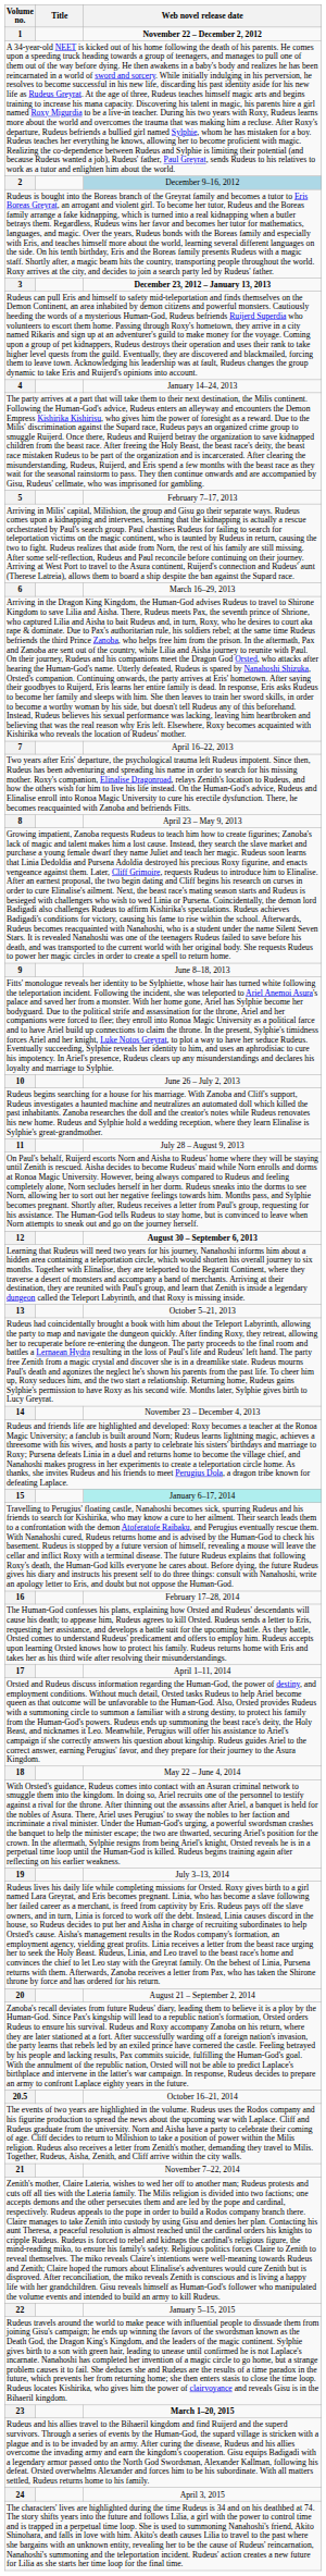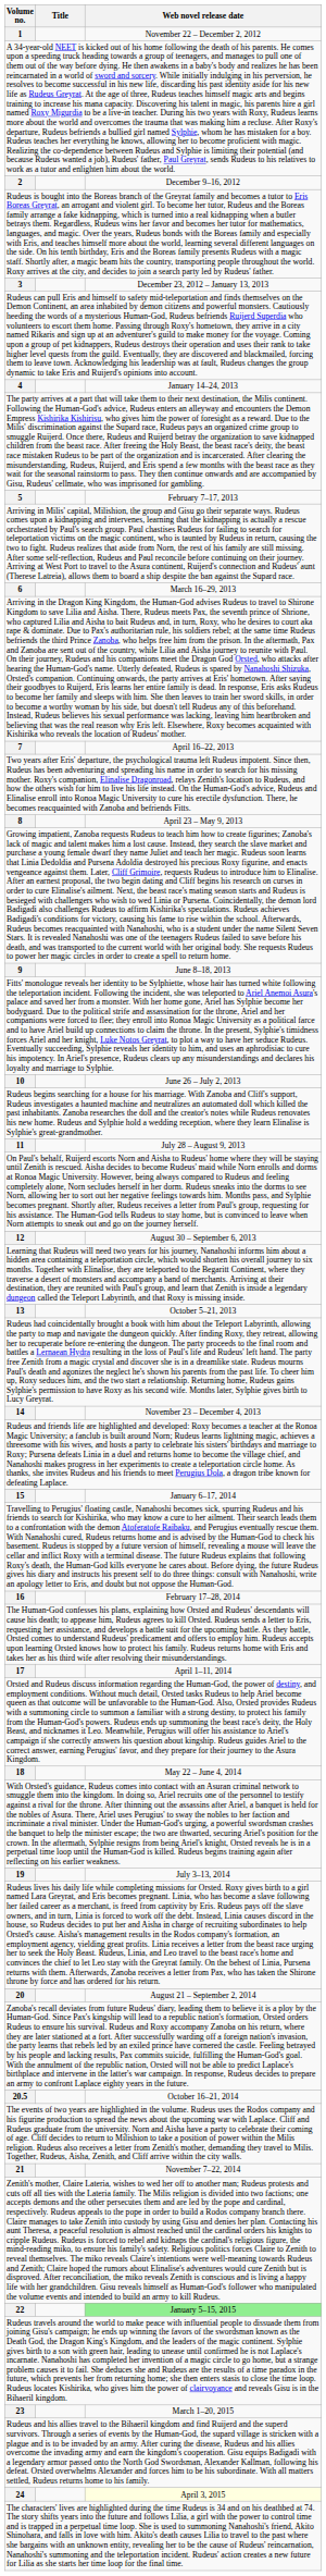 <table class="wikitable" style="text-align: center;">
 <tr>
 <th style="width: 2em;" scope="col">Volume no.</th>
 <th scope="col">Title</th>
 <th scope="col">Web novel release date</th>
 </tr>
 <tr>
 <th style="vertical-align: top;" scope="row">1</th>
 <td style="text-align: left;"></td>
-<td><strong>November 22 – December 2, 2012</strong></td>
+<td>November 22 – December 2, 2012</td>
 </tr>
 <tr>
 <td colspan="3" style="text-align: left;">A 34-year-old <a href='#'>NEET</a> is kicked out of his home following the death of his parents. He comes upon a speeding truck heading towards a group of teenagers, and manages to pull one of them out of the way before dying. He then awakens in a baby's body and realizes he has been reincarnated in a world of <a href='#'>sword and sorcery</a>. While initially indulging in his perversion, he resolves to become successful in his new life, discarding his past identity aside for his new life as <a href='#'>Rudeus Greyrat</a>. At the age of three, Rudeus teaches himself magic arts and begins training to increase his mana capacity. Discovering his talent in magic, his parents hire a girl named <a href='#'>Roxy Migurdia</a> to be a live-in teacher. During his two years with Roxy, Rudeus learns more about the world and overcomes the trauma that was making him a recluse. After Roxy's departure, Rudeus befriends a bullied girl named <a href='#'>Sylphie</a>, whom he has mistaken for a boy. Rudeus teaches her everything he knows, allowing her to become proficient with magic. Realizing the co-dependence between Rudeus and Sylphie is limiting their potential (and because Rudeus wanted a job), Rudeus' father, <a href='#'>Paul Greyrat</a>, sends Rudeus to his relatives to work as a tutor and enlighten him about the world.</td>
 </tr>
 <tr>
 <th style="vertical-align: top;" scope="row">2</th>
 <td style="text-align: left;"></td>
-<td style="background: lightblue;">December 9–16, 2012</td>
+<td>December 9–16, 2012</td>
 </tr>
 <tr>
 <td colspan="3" style="text-align: left;">Rudeus is bought into the Boreas branch of the Greyrat family and becomes a tutor to <a href='#'>Eris Boreas Greyrat</a>, an arrogant and violent girl. To become her tutor, Rudeus and the Boreas family arrange a fake kidnapping, which is turned into a real kidnapping when a butler betrays them. Regardless, Rudeus wins her favor and becomes her tutor for mathematics, languages, and magic. Over the years, Rudeus bonds with the Boreas family and especially with Eris, and teaches himself more about the world, learning several different languages on the side. On his tenth birthday, Eris and the Boreas family presents Rudeus with a magic staff. Shortly after, a magic beam hits the country, transporting people throughout the world. Roxy arrives at the city, and decides to join a search party led by Rudeus' father.</td>
 </tr>
 <tr>
 <th style="vertical-align: top;" scope="row">3</th>
 <td style="text-align: left;"></td>
-<td><strong>December 23, 2012 – January 13, 2013</strong></td>
+<td>December 23, 2012 – January 13, 2013</td>
 </tr>
 <tr>
 <td colspan="3" style="text-align: left;">Rudeus can pull Eris and himself to safety mid-teleportation and finds themselves on the Demon Continent, an area inhabited by demon citizens and powerful monsters. Cautiously heeding the words of a mysterious Human-God, Rudeus befriends <a href='#'>Ruijerd Superdia</a> who volunteers to escort them home. Passing through Roxy's hometown, they arrive in a city named Rikaris and sign up at an adventurer's guild to make money for the voyage. Coming upon a group of pet kidnappers, Rudeus destroys their operation and uses their rank to take higher level quests from the guild. Eventually, they are discovered and blackmailed, forcing them to leave town. Acknowledging his leadership was at fault, Rudeus changes the group dynamic to take Eris and Ruijerd's opinions into account.</td>
 </tr>
 <tr>
 <th style="vertical-align: top;" scope="row">4</th>
 <td style="text-align: left;"></td>
 <td>January 14–24, 2013</td>
 </tr>
 <tr>
 <td colspan="3" style="text-align: left;">The party arrives at a part that will take them to their next destination, the Milis continent. Following the Human-God's advice, Rudeus enters an alleyway and encounters the Demon Empress <a href='#'>Kishirika Kishirisu</a>, who gives him the power of foresight as a reward. Due to the Milis' discrimination against the Supard race, Rudeus pays an organized crime group to smuggle Ruijerd. Once there, Rudeus and Ruijerd betray the organization to save kidnapped children from the beast race. After freeing the Holy Beast, the beast race's deity, the beast race mistaken Rudeus to be part of the organization and is incarcerated. After clearing the misunderstanding, Rudeus, Ruijerd, and Eris spend a few months with the beast race as they wait for the seasonal rainstorm to pass. They then continue onwards and are accompanied by Gisu, Rudeus' cellmate, who was imprisoned for gambling.</td>
 </tr>
 <tr>
 <th style="vertical-align: top;" scope="row">5</th>
 <td style="text-align: left;"></td>
 <td>February 7–17, 2013</td>
 </tr>
 <tr>
 <td colspan="3" style="text-align: left;">Arriving in Milis' capital, Milishion, the group and Gisu go their separate ways. Rudeus comes upon a kidnapping and intervenes, learning that the kidnapping is actually a rescue orchestrated by Paul's search group. Paul chastises Rudeus for failing to search for teleportation victims on the magic continent, who is taunted by Rudeus in return, causing the two to fight. Rudeus realizes that aside from Norn, the rest of his family are still missing. After some self-reflection, Rudeus and Paul reconcile before continuing on their journey. Arriving at West Port to travel to the Asura continent, Ruijerd's connection and Rudeus' aunt (Therese Latreia), allows them to board a ship despite the ban against the Supard race.</td>
 </tr>
 <tr>
 <th style="vertical-align: top;" scope="row">6</th>
 <td style="text-align: left;"></td>
 <td>March 16–29, 2013</td>
 </tr>
 <tr>
 <td colspan="3" style="text-align: left;">Arriving in the Dragon King Kingdom, the Human-God advises Rudeus to travel to Shirone Kingdom to save Lilia and Aisha. There, Rudeus meets Pax, the seventh prince of Shrione, who captured Lilia and Aisha to bait Rudeus and, in turn, Roxy, who he desires to court aka rape & dominate. Due to Pax's authoritarian rule, his soldiers rebel; at the same time Rudeus befriends the third Prince <a href='#'>Zanoba</a>, who helps free him from the prison. In the aftermath, Pax and Zanoba are sent out of the country, while Lilia and Aisha journey to reunite with Paul. On their journey, Rudeus and his companions meet the Dragon God <a href='#'>Orsted</a>, who attacks after hearing the Human-God's name. Utterly defeated, Rudeus is spared by <a href='#'>Nanahoshi Shizuka</a>, Orsted's companion. Continuing onwards, the party arrives at Eris' hometown. After saying their goodbyes to Ruijerd, Eris learns her entire family is dead. In response, Eris asks Rudeus to become her family and sleeps with him. She then leaves to train her sword skills, in order to become a worthy woman by his side, but doesn't tell Rudeus any of this beforehand. Instead, Rudeus believes his sexual performance was lacking, leaving him heartbroken and believing that was the real reason why Eris left. Elsewhere, Roxy becomes acquainted with Kishirika who reveals the location of Rudeus' mother.</td>
 </tr>
 <tr>
 <th style="vertical-align: top;" scope="row">7</th>
 <td style="text-align: left;"></td>
 <td>April 16–22, 2013</td>
 </tr>
 <tr>
 <td colspan="3" style="text-align: left;">Two years after Eris' departure, the psychological trauma left Rudeus impotent. Since then, Rudeus has been adventuring and spreading his name in order to search for his missing mother. Roxy's companion, <a href='#'>Elinalise Dragonroad</a>, relays Zenith's location to Rudeus, and how the others wish for him to live his life instead. On the Human-God's advice, Rudeus and Elinalise enroll into Ronoa Magic University to cure his erectile dysfunction. There, he becomes reacquainted with Zanoba and befriends Fitts.</td>
 </tr>
 <tr>
 <th style="vertical-align: top;" scope="row">8</th>
 <td style="text-align: left;"></td>
 <td>April 23 – May 9, 2013</td>
 </tr>
 <tr>
 <td colspan="3" style="text-align: left;">Growing impatient, Zanoba requests Rudeus to teach him how to create figurines; Zanoba's lack of magic and talent makes him a lost cause. Instead, they search the slave market and purchase a young female dwarf they name Juliet and teach her magic. Rudeus soon learns that Linia Dedoldia and Pursena Adoldia destroyed his precious Roxy figurine, and enacts vengeance against them. Later, <a href='#'>Cliff Grimoire</a>, requests Rudeus to introduce him to Elinalise. After an earnest proposal, the two begin dating and Cliff begins his research on curses in order to cure Elinalise's ailment. Next, the beast race's mating season starts and Rudeus is besieged with challengers who wish to wed Linia or Pursena. Coincidentally, the demon lord Badigadi also challenges Rudeus to affirm Kishirika's speculations. Rudeus achieves Badigadi's conditions for victory, causing his fame to rise within the school. Afterwards, Rudeus becomes reacquainted with Nanahoshi, who is a student under the name Silent Seven Stars. It is revealed Nanahoshi was one of the teenagers Rudeus failed to save before his death, and was transported to the current world with her original body. She requests Rudeus to power her magic circles in order to create a spell to return home.</td>
 </tr>
 <tr>
 <th style="vertical-align: top;" scope="row">9</th>
 <td style="text-align: left;"></td>
 <td>June 8–18, 2013</td>
 </tr>
 <tr>
 <td colspan="3" style="text-align: left;">Fitts' monologue reveals her identity to be Sylphiette, whose hair has turned white following the teleportation incident. Following the incident, she was teleported to <a href='#'>Ariel Anemoi Asura</a>'s palace and saved her from a monster. With her home gone, Ariel has Sylphie become her bodyguard. Due to the political strife and assassination for the throne, Ariel and her companions were forced to flee; they enroll into Ronoa Magic University as a political farce and to have Ariel build up connections to claim the throne. In the present, Sylphie's timidness forces Ariel and her knight, <a href='#'>Luke Notos Greyrat</a>, to plot a way to have her seduce Rudeus. Eventually succeeding, Sylphie reveals her identity to him, and uses an aphrodisiac to cure his impotency. In Ariel's presence, Rudeus clears up any misunderstandings and declares his loyalty and marriage to Sylphie.</td>
 </tr>
 <tr>
 <th style="vertical-align: top;" scope="row">10</th>
 <td style="text-align: left;"></td>
 <td>June 26 – July 2, 2013</td>
 </tr>
 <tr>
 <td colspan="3" style="text-align: left;">Rudeus begins searching for a house for his marriage. With Zanoba and Cliff's support, Rudeus investigates a haunted machine and neutralizes an automated doll which killed the past inhabitants. Zanoba researches the doll and the creator's notes while Rudeus renovates his new home. Rudeus and Sylphie hold a wedding reception, where they learn Elinalise is Sylphie's great-grandmother.</td>
 </tr>
 <tr>
 <th style="vertical-align: top;" scope="row">11</th>
 <td style="text-align: left;"></td>
 <td>July 28 – August 9, 2013</td>
 </tr>
 <tr>
 <td colspan="3" style="text-align: left;">On Paul's behalf, Ruijerd escorts Norn and Aisha to Rudeus' home where they will be staying until Zenith is rescued. Aisha decides to become Rudeus' maid while Norn enrolls and dorms at Ronoa Magic University. However, being always compared to Rudeus and feeling completely alone, Norn secludes herself in her dorm. Rudeus sneaks into the dorms to see Norn, allowing her to sort out her negative feelings towards him. Months pass, and Sylphie becomes pregnant. Shortly after, Rudeus receives a letter from Paul's group, requesting for his assistance. The Human-God tells Rudeus to stay home, but is convinced to leave when Norn attempts to sneak out and go on the journey herself.</td>
 </tr>
 <tr>
 <th style="vertical-align: top;" scope="row">12</th>
 <td style="text-align: left;"></td>
-<td><strong>August 30 – September 6, 2013</strong></td>
+<td>August 30 – September 6, 2013</td>
 </tr>
 <tr>
 <td colspan="3" style="text-align: left;">Learning that Rudeus will need two years for his journey, Nanahoshi informs him about a hidden area containing a teleportation circle, which would shorten his overall journey to six months. Together with Elinalise, they are teleported to the Begaritt Continent, where they traverse a desert of monsters and accompany a band of merchants. Arriving at their destination, they are reunited with Paul's group, and learn that Zenith is inside a legendary <a href='#'>dungeon</a> called the Teleport Labyrinth, and that Roxy is missing inside.</td>
 </tr>
 <tr>
 <th style="vertical-align: top;" scope="row">13</th>
 <td style="text-align: left;"></td>
 <td>October 5–21, 2013</td>
 </tr>
 <tr>
 <td colspan="3" style="text-align: left;">Rudeus had coincidentally brought a book with him about the Teleport Labyrinth, allowing the party to map and navigate the dungeon quickly. After finding Roxy, they retreat, allowing her to recuperate before re-entering the dungeon. The party proceeds to the final room and battles a <a href='#'>Lernaean Hydra</a> resulting in the loss of Paul's life and Rudeus' left hand. The party free Zenith from a magic crystal and discover she is in a dreamlike state. Rudeus mourns Paul's death and agonizes the neglect he's shown his parents from the past life. To cheer him up, Roxy seduces him, and the two start a relationship. Returning home, Rudeus gains Sylphie's permission to have Roxy as his second wife. Months later, Sylphie gives birth to Lucy Greyrat.</td>
 </tr>
 <tr>
 <th style="vertical-align: top;" scope="row">14</th>
 <td style="text-align: left;"></td>
 <td>November 23 – December 4, 2013</td>
 </tr>
 <tr>
 <td colspan="3" style="text-align: left;">Rudeus and friends life are highlighted and developed: Roxy becomes a teacher at the Ronoa Magic University; a fanclub is built around Norn; Rudeus learns lightning magic, achieves a threesome with his wives, and hosts a party to celebrate his sisters' birthdays and marriage to Roxy; Pursena defeats Linia in a duel and returns home to become the village chief, and Nanahoshi makes progress in her experiments to create a teleportation circle home. As thanks, she invites Rudeus and his friends to meet <a href='#'>Perugius Dola</a>, a dragon tribe known for defeating Laplace.</td>
 </tr>
 <tr>
 <th style="vertical-align: top;" scope="row">15</th>
 <td style="text-align: left;"></td>
-<td style="background: paleturquoise;">January 6–17, 2014</td>
+<td>January 6–17, 2014</td>
 </tr>
 <tr>
 <td colspan="3" style="text-align: left;">Travelling to Perugius' floating castle, Nanahoshi becomes sick, spurring Rudeus and his friends to search for Kishirika, who may know a cure to her ailment. Their search leads them to a confrontation with the demon <a href='#'>Atoferatofe Raibaku</a>, and Perugius eventually rescue them. With Nanahoshi cured, Rudeus returns home and is advised by the Human-God to check his basement. Rudeus is stopped by a future version of himself, revealing a mouse will leave the cellar and inflict Roxy with a terminal disease. The future Rudeus explains that following Roxy's death, the Human-God kills everyone he cares about. Before dying, the future Rudeus gives his diary and instructs his present self to do three things: consult with Nanahoshi, write an apology letter to Eris, and doubt but not oppose the Human-God.</td>
 </tr>
 <tr>
 <th style="vertical-align: top;" scope="row">16</th>
 <td style="text-align: left;"></td>
 <td>February 17–28, 2014</td>
 </tr>
 <tr>
 <td colspan="3" style="text-align: left;">The Human-God confesses his plans, explaining how Orsted and Rudeus' descendants will cause his death; to appease him, Rudeus agrees to kill Orsted. Rudeus sends a letter to Eris, requesting her assistance, and develops a battle suit for the upcoming battle. As they battle, Orsted comes to understand Rudeus' predicament and offers to employ him. Rudeus accepts upon learning Orsted knows how to protect his family. Rudeus returns home with Eris and takes her as his third wife after resolving their misunderstandings.</td>
 </tr>
 <tr>
 <th style="vertical-align: top;" scope="row">17</th>
 <td style="text-align: left;"></td>
 <td>April 1–11, 2014</td>
 </tr>
 <tr>
 <td colspan="3" style="text-align: left;">Orsted and Rudeus discuss information regarding the Human-God, the power of <a href='#'>destiny</a>, and employment conditions. Without much detail, Orsted tasks Rudeus to help Ariel become queen as that outcome will be unfavorable to the Human-God. Also, Orsted provides Rudeus with a summoning circle to summon a familiar with a strong destiny, to protect his family from the Human-God's powers. Rudeus ends up summoning the beast race's deity, the Holy Beast, and nicknames it Leo. Meanwhile, Perugius will offer his assistance to Ariel's campaign if she correctly answers his question about kingship. Rudeus guides Ariel to the correct answer, earning Perugius' favor, and they prepare for their journey to the Asura Kingdom.</td>
 </tr>
 <tr>
 <th style="vertical-align: top;" scope="row">18</th>
 <td style="text-align: left;"></td>
 <td>May 22 – June 4, 2014</td>
 </tr>
 <tr>
 <td colspan="3" style="text-align: left;">With Orsted's guidance, Rudeus comes into contact with an Asuran criminal network to smuggle them into the kingdom. In doing so, Ariel recruits one of the personnel to testify against a rival for the throne. After thinning out the assassins after Ariel, a banquet is held for the nobles of Asura. There, Ariel uses Perugius' to sway the nobles to her faction and incriminate a rival minister. Under the Human-God's urging, a powerful swordsman crashes the banquet to help the minister escape; the two are thwarted, securing Ariel's position for the crown. In the aftermath, Sylphie resigns from being Ariel's knight, Orsted reveals he is in a perpetual time loop until the Human-God is killed. Rudeus begins training again after reflecting on his earlier weakness.</td>
 </tr>
 <tr>
 <th style="vertical-align: top;" scope="row">19</th>
 <td style="text-align: left;"></td>
 <td>July 3–13, 2014</td>
 </tr>
 <tr>
 <td colspan="3" style="text-align: left;">Rudeus lives his daily life while completing missions for Orsted. Roxy gives birth to a girl named Lara Greyrat, and Eris becomes pregnant. Linia, who has become a slave following her failed career as a merchant, is freed from captivity by Eris. Rudeus pays off the slave owners, and in turn, Linia is forced to work off the debt. Instead, Linia causes discord in the house, so Rudeus decides to put her and Aisha in charge of recruiting subordinates to help Orsted's cause. Aisha's management results in the Rodos company's formation, an employment agency, yielding great profits. Linia receives a letter from the beast race urging her to seek the Holy Beast. Rudeus, Linia, and Leo travel to the beast race's home and convinces the chief to let Leo stay with the Greyrat family. On the behest of Linia, Pursena returns with them. Afterwards, Zanoba receives a letter from Pax, who has taken the Shirone throne by force and has ordered for his return.</td>
 </tr>
 <tr>
 <th style="vertical-align: top;" scope="row">20</th>
 <td style="text-align: left;"></td>
 <td>August 21 – September 2, 2014</td>
 </tr>
 <tr>
 <td colspan="3" style="text-align: left;">Zanoba's recall deviates from future Rudeus' diary, leading them to believe it is a ploy by the Human-God. Since Pax's kingship will lead to a republic nation's formation, Orsted orders Rudeus to ensure his survival. Rudeus and Roxy accompany Zanoba on his return, where they are later stationed at a fort. After successfully warding off a foreign nation's invasion, the party learns that rebels led by an exiled prince have cornered the castle. Feeling betrayed by his people and lacking results, Pax commits suicide, fulfilling the Human-God's goal. With the annulment of the republic nation, Orsted will not be able to predict Laplace's birthplace and intervene in the latter's war campaign. In response, Rudeus decides to prepare an army to confront Laplace eighty years in the future.</td>
 </tr>
 <tr>
 <th style="vertical-align: top;" scope="row">20.5</th>
 <td style="text-align: left;"></td>
 <td>October 16–21, 2014</td>
 </tr>
 <tr>
 <td colspan="3" style="text-align: left;">The events of two years are highlighted in the volume. Rudeus uses the Rodos company and his figurine production to spread the news about the upcoming war with Laplace. Cliff and Rudeus graduate from the university. Norn and Aisha have a party to celebrate their coming of age. Cliff decides to return to Milishion to take a position of power within the Milis religion. Rudeus also receives a letter from Zenith's mother, demanding they travel to Milis. Together, Rudeus, Aisha, Zenith, and Cliff arrive within the city walls.</td>
 </tr>
 <tr>
 <th style="vertical-align: top;" scope="row">21</th>
 <td style="text-align: left;"></td>
 <td>November 7–22, 2014</td>
 </tr>
 <tr>
 <td colspan="3" style="text-align: left;">Zenith's mother, Claire Lateria, wishes to wed her off to another man; Rudeus protests and cuts off all ties with the Lateria family. The Milis religion is divided into two factions; one accepts demons and the other persecutes them and are led by the pope and cardinal, respectively. Rudeus appeals to the pope in order to build a Rodos company branch there. Claire manages to take Zenith into custody by using Gisu and denies her plan. Contacting his aunt Theresa, a peaceful resolution is almost reached until the cardinal orders his knights to cripple Rudeus. Rudeus is forced to rebel and kidnaps the cardinal's religious figure, the mind-reading miko, to ensure his family's safety. Religious politics forces Claire to Zenith to reveal themselves. The miko reveals Claire's intentions were well-meaning towards Rudeus and Zenith; Claire hoped the rumors about Elinalise's adventures would cure Zenith but is disproved. After reconciliation, the miko reveals Zenith is conscious and is living a happy life with her grandchildren. Gisu reveals himself as Human-God's follower who manipulated the volume events and intended to build an army to kill Rudeus.</td>
 </tr>
 <tr>
 <th style="vertical-align: top;" scope="row">22</th>
 <td style="text-align: left;"></td>
-<td>January 5–15, 2015</td>
+<td style="background: lightgreen;">January 5–15, 2015</td>
 </tr>
 <tr>
 <td colspan="3" style="text-align: left;">Rudeus travels around the world to make peace with influential people to dissuade them from joining Gisu's campaign; he ends up winning the favors of the swordsman known as the Death God, the Dragon King's Kingdom, and the leaders of the magic continent. Sylphie gives birth to a son with green hair, leading to unease until confirmed he is not Laplace's incarnate. Nanahoshi has completed her invention of a magic circle to go home, but a strange problem causes it to fail. She deduces she and Rudeus are the results of a time paradox in the future, which prevents her from returning home; she then enters stasis to close the time loop. Rudeus locates Kishirika, who gives him the power of <a href='#'>clairvoyance</a> and reveals Gisu is in the Bihaeril kingdom.</td>
 </tr>
 <tr>
 <th style="vertical-align: top;" scope="row">23</th>
 <td style="text-align: left;"></td>
-<td><strong>March 1–20, 2015</strong></td>
+<td>March 1–20, 2015</td>
 </tr>
 <tr>
 <td colspan="3" style="text-align: left;">Rudeus and his allies travel to the Bihaeril kingdom and find Ruijerd and the superd survivors. Through a series of events by the Human-God, the supard village is stricken with a plague and is to be invaded by an army. After curing the disease, Rudeus and his allies overcome the invading army and earn the kingdom's cooperation. Gisu equips Badigadi with a legendary armor passed onto the North God Swordsman, Alexander Kallman, following his defeat. Orsted overwhelms Alexander and forces him to be his subordinate. With all matters settled, Rudeus returns home to his family.</td>
 </tr>
 <tr>
 <th style="vertical-align: top;" scope="row">24</th>
 <td style="text-align: left;"></td>
-<td>April 3, 2015</td>
+<td style="background: lightyellow;">April 3, 2015</td>
 </tr>
 <tr>
 <td colspan="3" style="text-align: left;">The characters' lives are highlighted during the time Rudeus is 34 and on his deathbed at 74. The story shifts years into the future and follows Lilia, a girl with the power to control time and is trapped in a perpetual time loop. She is used to summoning Nanahoshi's friend, Akito Shinohara, and falls in love with him. Akito's death causes Lilia to travel to the past where she bargains with an unknown entity, revealing her to be the cause of Rudeus' reincarnation, Nanahoshi's summoning and the teleportation incident. Rudeus' action creates a new future for Lilia as she starts her time loop for the final time.</td>
 </tr>
 </table>
